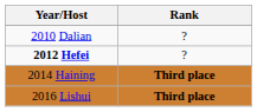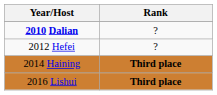 <table class="wikitable" style="text-align: center;font-size:90%;">
 <tr>
 <th width=125>Year/Host</th>
 <th width=150>Rank</th>
 </tr>
 <tr>
 </tr>
 <tr bgcolor=>
-<td> <a href='#'>2010</a> <a href='#'>Dalian</a></td>
+<td><strong> <a href='#'>2010</a> <a href='#'>Dalian</a></strong></td>
 <td>?</td>
 </tr>
 <tr bgcolor=>
-<td><strong> 2012 <a href='#'>Hefei</a></strong></td>
+<td> 2012 <a href='#'>Hefei</a></td>
 <td>?</td>
 </tr>
 <tr bgcolor=CD7F32>
 <td> 2014 <a href='#'>Haining</a></td>
 <td><strong>Third place</strong></td>
 </tr>
 <tr bgcolor=CD7F32>
 <td> 2016 <a href='#'>Lishui</a></td>
 <td><strong>Third place</strong></td>
 </tr>
 </table>
